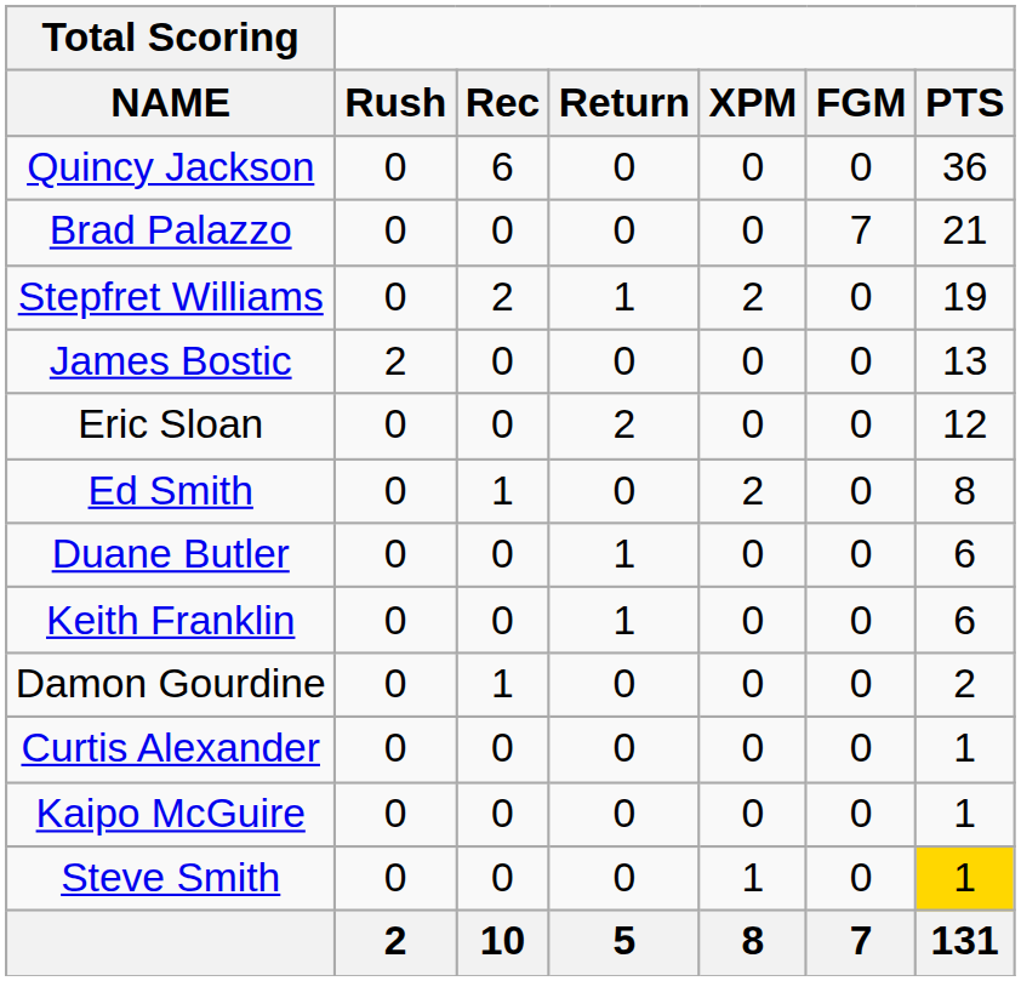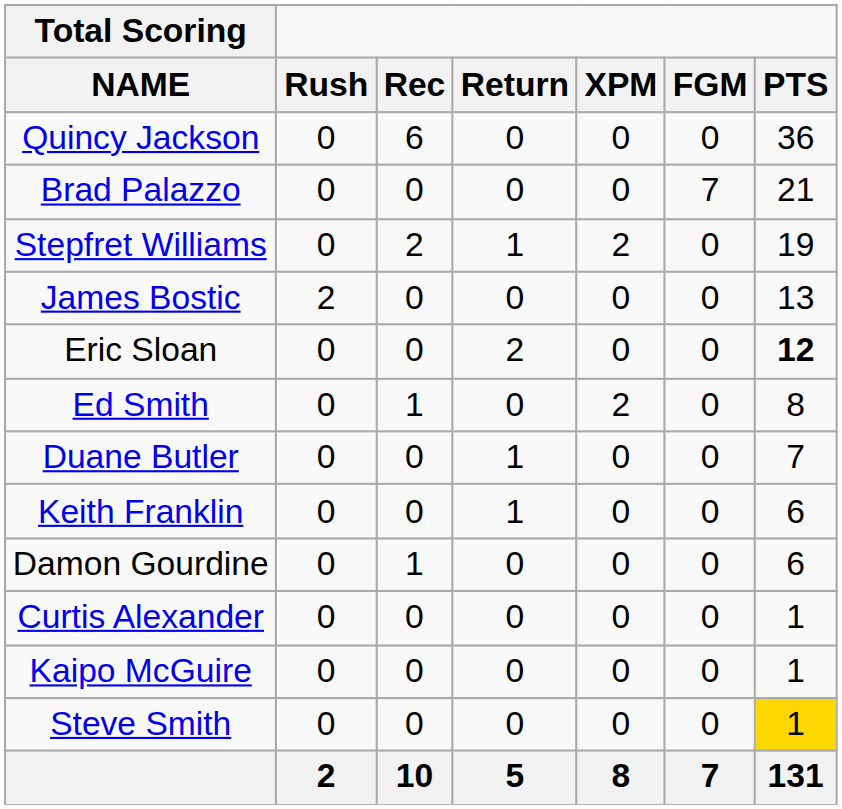 <table class="wikitable sortable" style="text-align:center;">
 <tr>
 <th style="text-align:center;">Total Scoring</th>
 </tr>
 <tr>
 <th>NAME</th>
 <th>Rush</th>
 <th>Rec</th>
 <th>Return</th>
 <th>XPM</th>
 <th>FGM</th>
 <th>PTS</th>
 </tr>
 <tr>
 <td><a href='#'>Quincy Jackson</a></td>
 <td>0</td>
 <td>6</td>
 <td>0</td>
 <td>0</td>
 <td>0</td>
 <td>36</td>
 </tr>
 <tr>
 <td><a href='#'>Brad Palazzo</a></td>
 <td>0</td>
 <td>0</td>
 <td>0</td>
 <td>0</td>
 <td>7</td>
 <td>21</td>
 </tr>
 <tr>
 <td><a href='#'>Stepfret Williams</a></td>
 <td>0</td>
 <td>2</td>
 <td><abbr>1</abbr></td>
 <td>2</td>
 <td>0</td>
 <td>19</td>
 </tr>
 <tr>
 <td><a href='#'>James Bostic</a></td>
 <td>2</td>
 <td>0</td>
 <td>0</td>
 <td>0</td>
 <td>0</td>
 <td>13</td>
 </tr>
 <tr>
 <td>Eric Sloan</td>
 <td>0</td>
 <td>0</td>
 <td><abbr>2</abbr></td>
 <td>0</td>
 <td>0</td>
-<td>12</td>
+<td><strong>12</strong></td>
 </tr>
 <tr>
 <td><a href='#'>Ed Smith</a></td>
 <td>0</td>
 <td>1</td>
 <td>0</td>
 <td>2</td>
 <td>0</td>
 <td>8</td>
 </tr>
 <tr>
 <td><a href='#'>Duane Butler</a></td>
 <td>0</td>
 <td>0</td>
 <td><abbr>1</abbr></td>
 <td>0</td>
 <td>0</td>
-<td>6</td>
+<td>7</td>
 </tr>
 <tr>
 <td><a href='#'>Keith Franklin</a></td>
 <td>0</td>
 <td>0</td>
 <td><abbr>1</abbr></td>
 <td>0</td>
 <td>0</td>
 <td>6</td>
 </tr>
 <tr>
 <td>Damon Gourdine</td>
 <td>0</td>
 <td>1</td>
 <td>0</td>
 <td>0</td>
 <td>0</td>
-<td>2</td>
+<td>6</td>
 </tr>
 <tr>
 <td><a href='#'>Curtis Alexander</a></td>
 <td>0</td>
 <td>0</td>
 <td>0</td>
 <td>0</td>
 <td>0</td>
 <td>1</td>
 </tr>
 <tr>
 <td><a href='#'>Kaipo McGuire</a></td>
 <td>0</td>
 <td>0</td>
 <td>0</td>
 <td>0</td>
 <td>0</td>
 <td>1</td>
 </tr>
 <tr>
 <td><a href='#'>Steve Smith</a></td>
 <td>0</td>
 <td>0</td>
 <td>0</td>
-<td>1</td>
+<td>0</td>
 <td>0</td>
 <td style="background: gold;">1</td>
 </tr>
 <tr>
 <th colspan="1"></th>
 <th>2</th>
 <th>10</th>
 <th>5</th>
 <th>8</th>
 <th>7</th>
 <th>131</th>
 </tr>
 </table>
